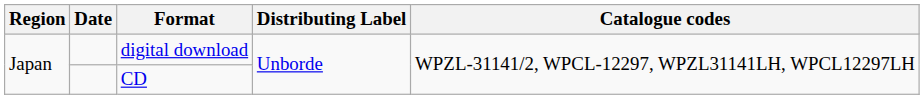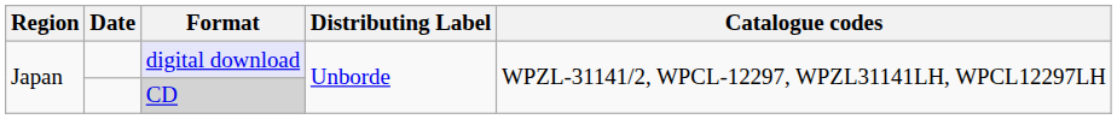 <table class="wikitable">
 <tr>
 <th>Region</th>
 <th>Date</th>
 <th>Format</th>
 <th>Distributing Label</th>
 <th>Catalogue codes</th>
 </tr>
 <tr>
 <td rowspan=2>Japan</td>
 <td></td>
-<td><a href='#'>digital download</a></td>
+<td style="background: lavender;"><a href='#'>digital download</a></td>
 <td rowspan=2><a href='#'>Unborde</a></td>
 <td rowspan=2>WPZL-31141/2, WPCL-12297, WPZL31141LH, WPCL12297LH</td>
 </tr>
 <tr>
 <td></td>
-<td><a href='#'>CD</a></td>
+<td style="background: lightgrey;"><a href='#'>CD</a></td>
 </tr>
 </table>
